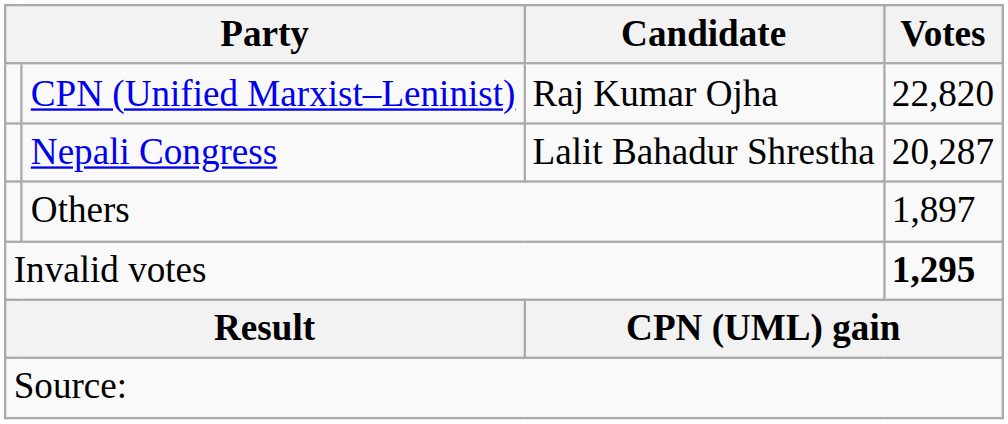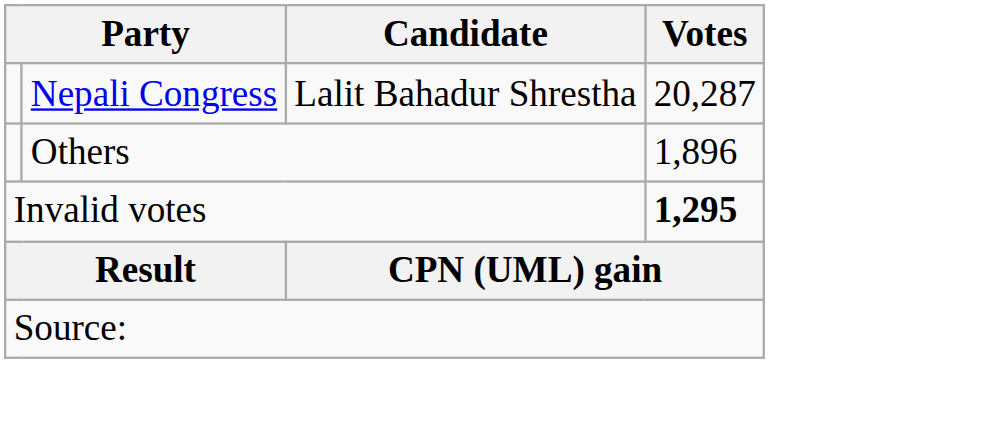 <table class="wikitable">
 <tr>
 <th colspan="2">Party</th>
 <th>Candidate</th>
 <th>Votes</th>
-</tr>
-<tr>
-<td style="background-color:"></td>
-<td><a href='#'>CPN (Unified Marxist–Leninist)</a></td>
-<td>Raj Kumar Ojha</td>
-<td>22,820</td>
 </tr>
 <tr>
 <td style="background-color:"></td>
 <td><a href='#'>Nepali Congress</a></td>
 <td>Lalit Bahadur Shrestha</td>
 <td>20,287</td>
 </tr>
 <tr>
 <td></td>
 <td colspan="2">Others</td>
-<td>1,897</td>
+<td>1,896</td>
 </tr>
 <tr>
 <td colspan="3">Invalid votes</td>
 <td><strong>1,295</strong></td>
 </tr>
 <tr>
 <th colspan="2">Result</th>
 <th colspan="2">CPN (UML) gain</th>
 </tr>
 <tr>
 <td colspan="4">Source: </td>
 </tr>
 </table>
